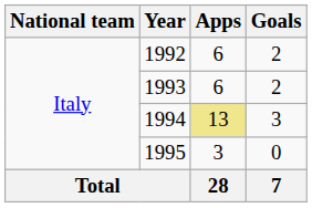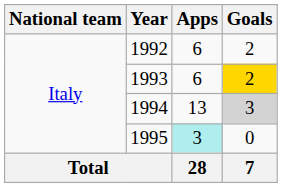 <table class="wikitable" style="text-align:center">
 <tr>
 <th>National team</th>
 <th>Year</th>
 <th>Apps</th>
 <th>Goals</th>
 </tr>
 <tr>
 <td rowspan="4"><a href='#'>Italy</a></td>
 <td>1992</td>
 <td>6</td>
 <td>2</td>
 </tr>
 <tr>
 <td>1993</td>
 <td>6</td>
-<td>2</td>
+<td style="background: gold;">2</td>
 </tr>
 <tr>
 <td>1994</td>
-<td style="background: khaki;">13</td>
-<td>3</td>
+<td>13</td>
+<td style="background: lightgrey;">3</td>
 </tr>
 <tr>
 <td>1995</td>
-<td>3</td>
+<td style="background: paleturquoise;">3</td>
 <td>0</td>
 </tr>
 <tr>
 <th colspan="2">Total</th>
 <th>28</th>
 <th>7</th>
 </tr>
 </table>
